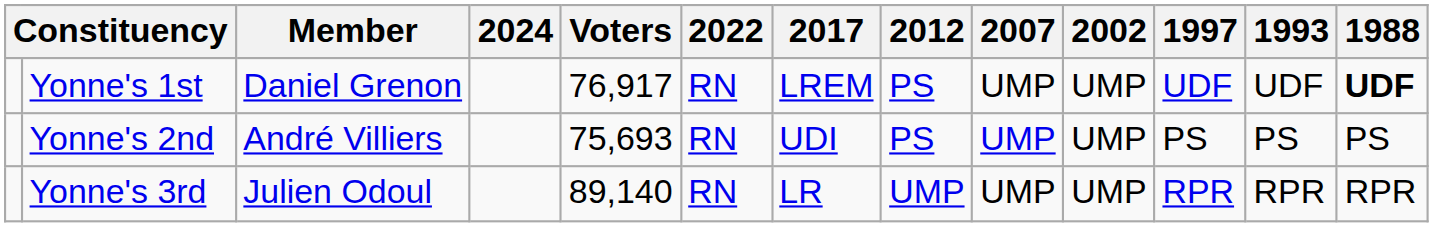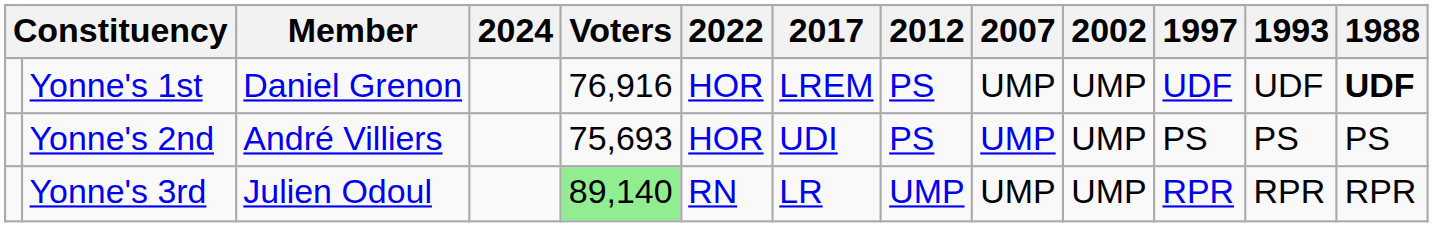 <table class="wikitable sortable">
 <tr>
 <th colspan="2">Constituency</th>
 <th>Member</th>
 <th>2024</th>
 <th>Voters</th>
 <th>2022</th>
 <th>2017</th>
 <th>2012</th>
 <th>2007</th>
 <th>2002</th>
 <th>1997</th>
 <th>1993</th>
 <th>1988</th>
 </tr>
 <tr>
 <td style="background-color: "></td>
 <td><a href='#'>Yonne's 1st</a></td>
 <td><a href='#'>Daniel Grenon</a></td>
 <td></td>
-<td>76,917</td>
-<td><a href='#'>RN</a></td>
+<td>76,916</td>
+<td><a href='#'>HOR</a></td>
 <td><a href='#'>LREM</a></td>
 <td><a href='#'>PS</a></td>
 <td>UMP</td>
 <td>UMP</td>
 <td><a href='#'>UDF</a></td>
 <td>UDF</td>
 <td><strong>UDF</strong></td>
 </tr>
 <tr>
 <td style="background-color: "></td>
 <td><a href='#'>Yonne's 2nd</a></td>
 <td><a href='#'>André Villiers</a></td>
 <td></td>
 <td>75,693</td>
-<td><a href='#'>RN</a></td>
+<td><a href='#'>HOR</a></td>
 <td><a href='#'>UDI</a></td>
 <td><a href='#'>PS</a></td>
 <td><a href='#'>UMP</a></td>
 <td>UMP</td>
 <td>PS</td>
 <td>PS</td>
 <td>PS</td>
 </tr>
 <tr>
 <td style="background-color: "></td>
 <td><a href='#'>Yonne's 3rd</a></td>
 <td><a href='#'>Julien Odoul</a></td>
 <td></td>
-<td>89,140</td>
+<td style="background: lightgreen;">89,140</td>
 <td><a href='#'>RN</a></td>
 <td><a href='#'>LR</a></td>
 <td><a href='#'>UMP</a></td>
 <td>UMP</td>
 <td>UMP</td>
 <td><a href='#'>RPR</a></td>
 <td>RPR</td>
 <td>RPR</td>
 </tr>
 </table>
